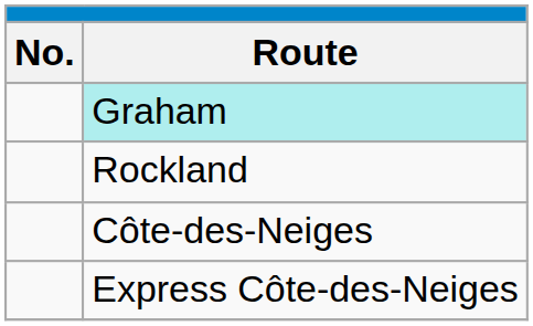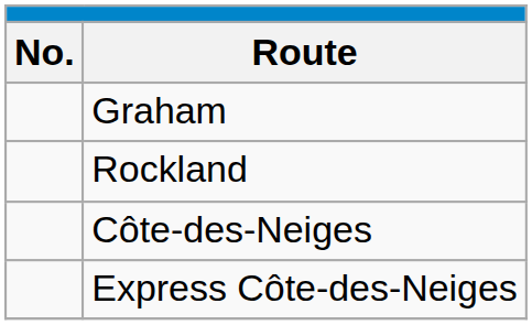 <table class="wikitable" style="margin: auto;">
 <tr>
 <th style="background: #0085CA; font-size:100%; color:#FFFFFF;"colspan="4"><a href='#'></a></th>
 </tr>
 <tr>
 <th>No.</th>
 <th>Route</th>
 </tr>
 <tr>
 <td></td>
-<td style="background: paleturquoise;">Graham</td>
+<td>Graham</td>
 </tr>
 <tr>
 <td></td>
 <td>Rockland</td>
 </tr>
 <tr>
 <td></td>
 <td>Côte-des-Neiges</td>
 </tr>
 <tr>
 <td></td>
 <td>Express Côte-des-Neiges</td>
 </tr>
 <tr>
 </tr>
 </table>
